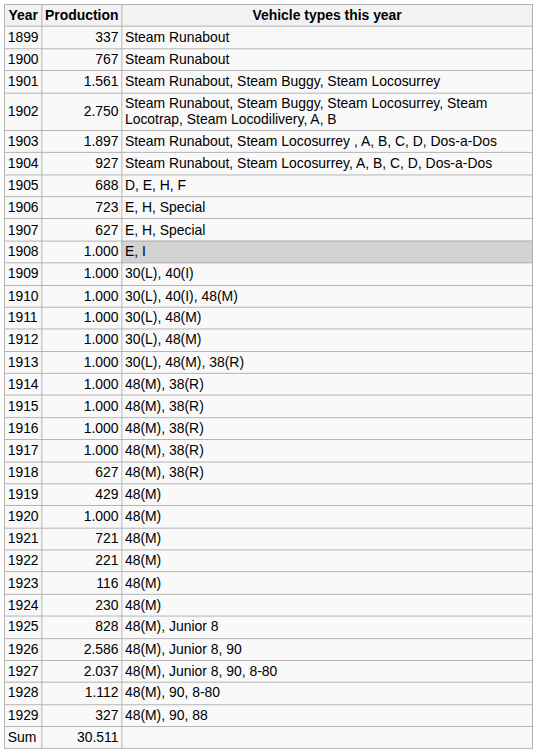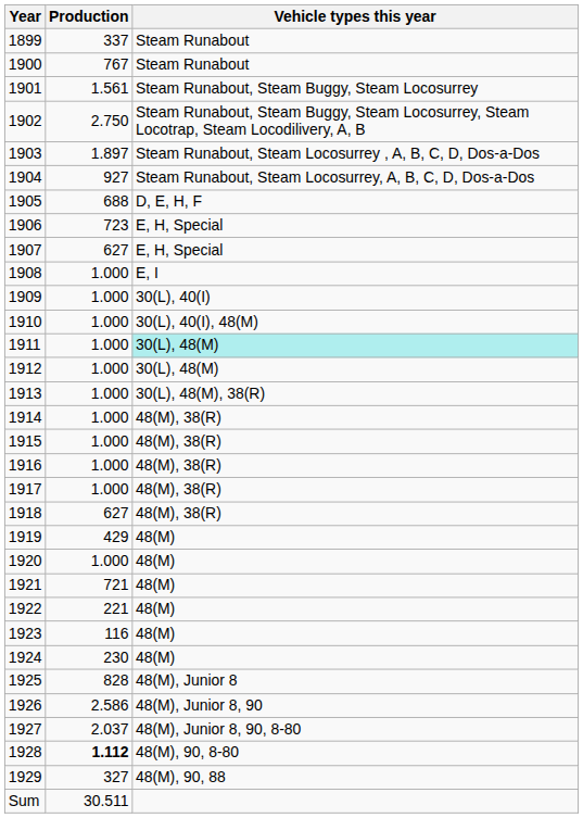 <table class="wikitable sortable">
 <tr>
 <th>Year</th>
 <th>Production</th>
 <th>Vehicle types this year</th>
 </tr>
 <tr>
 <td>1899</td>
 <td align="right">337</td>
 <td>Steam Runabout</td>
 </tr>
 <tr>
 <td>1900</td>
 <td align="right">767</td>
 <td>Steam Runabout</td>
 </tr>
 <tr>
 <td>1901</td>
 <td align="right">1.561</td>
 <td>Steam Runabout, Steam Buggy, Steam Locosurrey</td>
 </tr>
 <tr>
 <td>1902</td>
 <td align="right">2.750</td>
 <td>Steam Runabout, Steam Buggy, Steam Locosurrey, Steam Locotrap, Steam Locodilivery, A, B</td>
 </tr>
 <tr>
 <td>1903</td>
 <td align="right">1.897</td>
 <td>Steam Runabout, Steam Locosurrey , A, B, C, D, Dos-a-Dos</td>
 </tr>
 <tr>
 <td>1904</td>
 <td align="right">927</td>
 <td>Steam Runabout, Steam Locosurrey, A, B, C, D, Dos-a-Dos</td>
 </tr>
 <tr>
 <td>1905</td>
 <td align="right">688</td>
 <td>D, E, H, F</td>
 </tr>
 <tr>
 <td>1906</td>
 <td align="right">723</td>
 <td>E, H, Special</td>
 </tr>
 <tr>
 <td>1907</td>
 <td align="right">627</td>
 <td>E, H, Special</td>
 </tr>
 <tr>
 <td>1908</td>
 <td align="right">1.000</td>
-<td style="background: lightgrey;">E, I</td>
+<td>E, I</td>
 </tr>
 <tr>
 <td>1909</td>
 <td align="right">1.000</td>
 <td>30(L), 40(I)</td>
 </tr>
 <tr>
 <td>1910</td>
 <td align="right">1.000</td>
 <td>30(L), 40(I), 48(M)</td>
 </tr>
 <tr>
 <td>1911</td>
 <td align="right">1.000</td>
-<td>30(L), 48(M)</td>
+<td style="background: paleturquoise;">30(L), 48(M)</td>
 </tr>
 <tr>
 <td>1912</td>
 <td align="right">1.000</td>
 <td>30(L), 48(M)</td>
 </tr>
 <tr>
 <td>1913</td>
 <td align="right">1.000</td>
 <td>30(L), 48(M), 38(R)</td>
 </tr>
 <tr>
 <td>1914</td>
 <td align="right">1.000</td>
 <td>48(M), 38(R)</td>
 </tr>
 <tr>
 <td>1915</td>
 <td align="right">1.000</td>
 <td>48(M), 38(R)</td>
 </tr>
 <tr>
 <td>1916</td>
 <td align="right">1.000</td>
 <td>48(M), 38(R)</td>
 </tr>
 <tr>
 <td>1917</td>
 <td align="right">1.000</td>
 <td>48(M), 38(R)</td>
 </tr>
 <tr>
 <td>1918</td>
 <td align="right">627</td>
 <td>48(M), 38(R)</td>
 </tr>
 <tr>
 <td>1919</td>
 <td align="right">429</td>
 <td>48(M)</td>
 </tr>
 <tr>
 <td>1920</td>
 <td align="right">1.000</td>
 <td>48(M)</td>
 </tr>
 <tr>
 <td>1921</td>
 <td align="right">721</td>
 <td>48(M)</td>
 </tr>
 <tr>
 <td>1922</td>
 <td align="right">221</td>
 <td>48(M)</td>
 </tr>
 <tr>
 <td>1923</td>
 <td align="right">116</td>
 <td>48(M)</td>
 </tr>
 <tr>
 <td>1924</td>
 <td align="right">230</td>
 <td>48(M)</td>
 </tr>
 <tr>
 <td>1925</td>
 <td align="right">828</td>
 <td>48(M), Junior 8</td>
 </tr>
 <tr>
 <td>1926</td>
 <td align="right">2.586</td>
 <td>48(M), Junior 8, 90</td>
 </tr>
 <tr>
 <td>1927</td>
 <td align="right">2.037</td>
 <td>48(M), Junior 8, 90, 8-80</td>
 </tr>
 <tr>
 <td>1928</td>
-<td align="right">1.112</td>
+<td align="right"><strong>1.112</strong></td>
 <td>48(M), 90, 8-80</td>
 </tr>
 <tr>
 <td>1929</td>
 <td align="right">327</td>
 <td>48(M), 90, 88</td>
 </tr>
 <tr>
 <td>Sum</td>
 <td align="right">30.511</td>
 </tr>
 </table>
